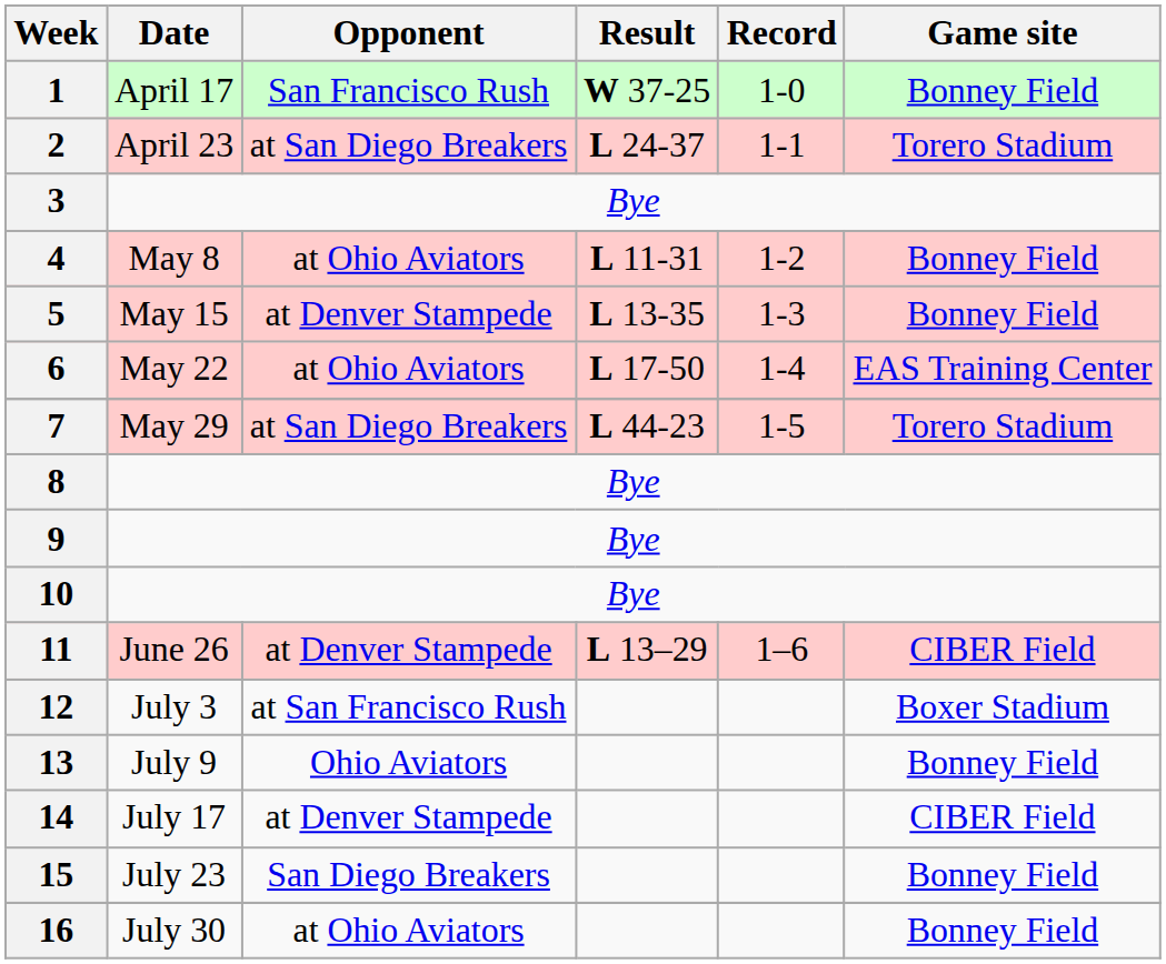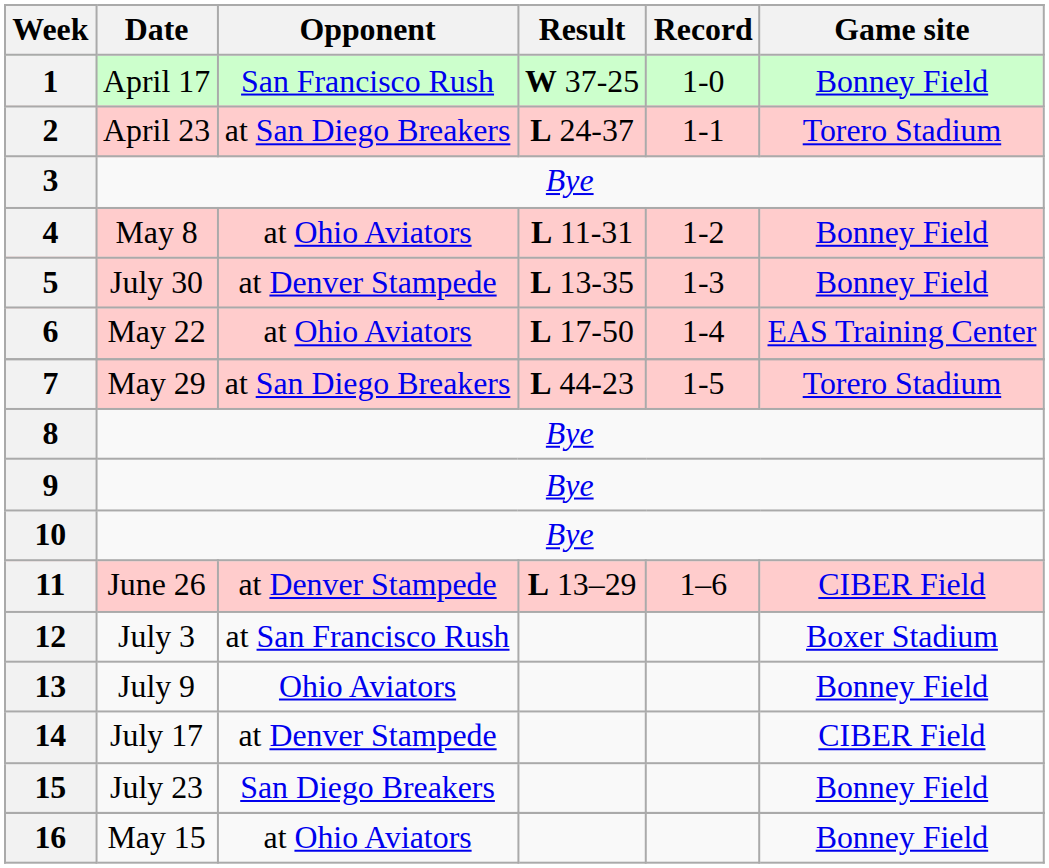 <table class="wikitable" style="text-align:center">
 <tr>
 <th>Week</th>
 <th>Date</th>
 <th>Opponent</th>
 <th>Result</th>
 <th>Record</th>
 <th>Game site</th>
 </tr>
 <tr style="background:#cfc">
 <th>1</th>
 <td>April 17</td>
 <td><a href='#'>San Francisco Rush</a></td>
 <td><strong>W</strong> 37-25</td>
 <td>1-0</td>
 <td><a href='#'>Bonney Field</a></td>
 </tr>
 <tr style="background:#fcc">
 <th>2</th>
 <td>April 23</td>
 <td>at <a href='#'>San Diego Breakers</a></td>
 <td><strong>L</strong> 24-37</td>
 <td>1-1</td>
 <td><a href='#'>Torero Stadium</a></td>
 </tr>
 <tr>
 <th>3</th>
 <td colspan=8><em><a href='#'>Bye</a></em></td>
 </tr>
 <tr style="background:#fcc">
 <th>4</th>
 <td>May 8</td>
 <td>at <a href='#'>Ohio Aviators</a></td>
 <td><strong>L</strong> 11-31</td>
 <td>1-2</td>
 <td><a href='#'>Bonney Field</a></td>
 </tr>
 <tr style="background:#fcc">
 <th>5</th>
-<td>May 15</td>
+<td>July 30</td>
 <td>at <a href='#'>Denver Stampede</a></td>
 <td><strong>L</strong> 13-35</td>
 <td>1-3</td>
 <td><a href='#'>Bonney Field</a></td>
 </tr>
 <tr style="background:#fcc">
 <th>6</th>
 <td>May 22</td>
 <td>at <a href='#'>Ohio Aviators</a></td>
 <td><strong>L</strong> 17-50</td>
 <td>1-4</td>
 <td><a href='#'>EAS Training Center</a></td>
 </tr>
 <tr>
 </tr>
 <tr style="background:#fcc">
 <th>7</th>
 <td>May 29</td>
 <td>at <a href='#'>San Diego Breakers</a></td>
 <td><strong>L</strong> 44-23</td>
 <td>1-5</td>
 <td><a href='#'>Torero Stadium</a></td>
 </tr>
 <tr>
 <th>8</th>
 <td colspan=8><em><a href='#'>Bye</a></em></td>
 </tr>
 <tr>
 <th>9</th>
 <td colspan=8><em><a href='#'>Bye</a></em></td>
 </tr>
 <tr>
 <th>10</th>
 <td colspan=8><em><a href='#'>Bye</a></em></td>
 </tr>
 <tr style="background:#fcc">
 <th>11</th>
 <td>June 26</td>
 <td>at <a href='#'>Denver Stampede</a></td>
 <td><strong>L</strong> 13–29</td>
 <td>1–6</td>
 <td><a href='#'>CIBER Field</a></td>
 </tr>
 <tr style="background:#">
 <th>12</th>
 <td>July 3</td>
 <td>at <a href='#'>San Francisco Rush</a></td>
 <td></td>
 <td></td>
 <td><a href='#'>Boxer Stadium</a></td>
 </tr>
 <tr style="background:#">
 <th>13</th>
 <td>July 9</td>
 <td><a href='#'>Ohio Aviators</a></td>
 <td></td>
 <td></td>
 <td><a href='#'>Bonney Field</a></td>
 </tr>
 <tr style="background:#">
 <th>14</th>
 <td>July 17</td>
 <td>at <a href='#'>Denver Stampede</a></td>
 <td></td>
 <td></td>
 <td><a href='#'>CIBER Field</a></td>
 </tr>
 <tr style="background:#">
 <th>15</th>
 <td>July 23</td>
 <td><a href='#'>San Diego Breakers</a></td>
 <td></td>
 <td></td>
 <td><a href='#'>Bonney Field</a></td>
 </tr>
 <tr>
 </tr>
 <tr style="background:#">
 <th>16</th>
-<td>July 30</td>
+<td>May 15</td>
 <td>at <a href='#'>Ohio Aviators</a></td>
 <td></td>
 <td></td>
 <td><a href='#'>Bonney Field</a></td>
 </tr>
 </table>
